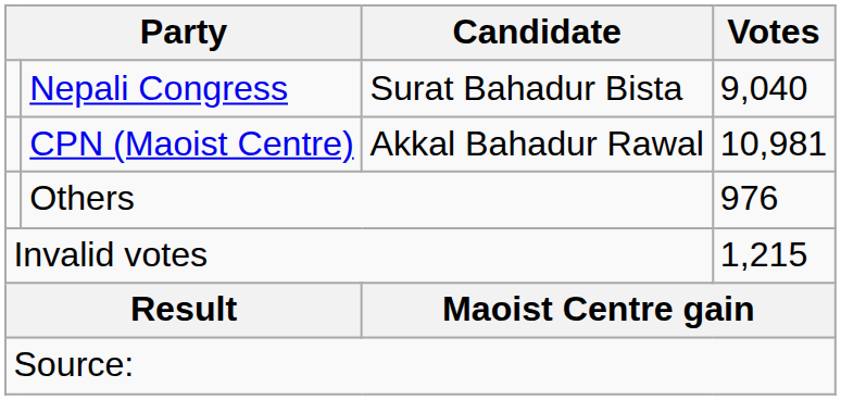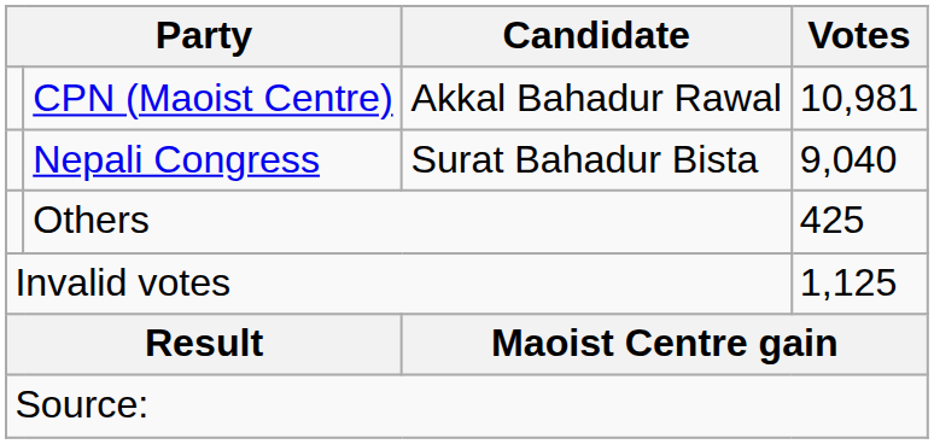 <table class="wikitable">
 <tr>
 <th colspan="2">Party</th>
 <th>Candidate</th>
 <th>Votes</th>
 </tr>
 <tr>
 <td style="background-color:"></td>
+<td><a href='#'>CPN (Maoist Centre)</a></td>
+<td>Akkal Bahadur Rawal</td>
+<td>10,981</td>
+</tr>
+<tr>
+<td style="background-color:"></td>
 <td><a href='#'>Nepali Congress</a></td>
 <td>Surat Bahadur Bista</td>
 <td>9,040</td>
 </tr>
 <tr>
-<td style="background-color:"></td>
-<td><a href='#'>CPN (Maoist Centre)</a></td>
-<td>Akkal Bahadur Rawal</td>
-<td>10,981</td>
-</tr>
-<tr>
 <td></td>
 <td colspan="2">Others</td>
-<td>976</td>
+<td>425</td>
 </tr>
 <tr>
 <td colspan="3">Invalid votes</td>
-<td>1,215</td>
+<td>1,125</td>
 </tr>
 <tr>
 <th colspan="2">Result</th>
 <th colspan="2">Maoist Centre gain</th>
 </tr>
 <tr>
 <td colspan="4">Source: </td>
 </tr>
 </table>
